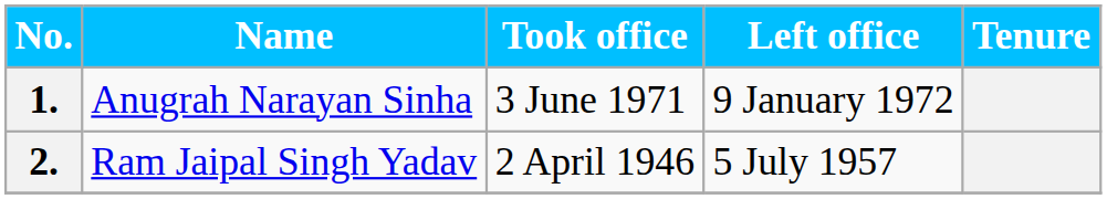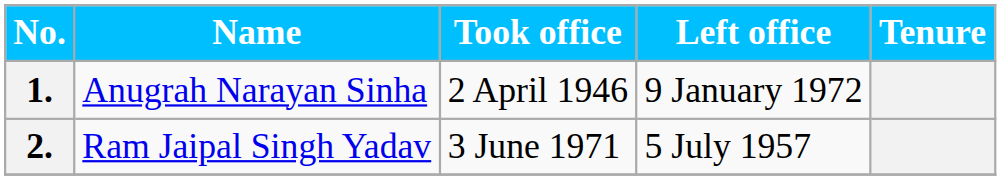 <table class="wikitable">
 <tr>
 <th style="background-color:#00BFFF; color:white">No.</th>
 <th style="background-color:#00BFFF; color:white">Name</th>
 <th style="background-color:#00BFFF; color:white">Took office</th>
 <th style="background-color:#00BFFF; color:white">Left office</th>
 <th style="background-color:#00BFFF; color:white">Tenure</th>
 </tr>
 <tr>
 <th>1.</th>
 <td><a href='#'>Anugrah Narayan Sinha</a></td>
-<td>3 June 1971</td>
+<td>2 April 1946</td>
 <td>9 January 1972</td>
 <th></th>
 </tr>
 <tr>
 <th>2.</th>
 <td><a href='#'>Ram Jaipal Singh Yadav</a></td>
-<td>2 April 1946</td>
+<td>3 June 1971</td>
 <td>5 July 1957</td>
 <th></th>
 </tr>
 <tr>
 </tr>
 </table>
